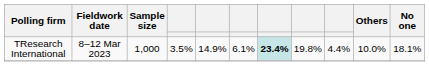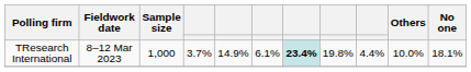 <table class="wikitable" style="text-align:center;font-size:90%;line-height:14px;">
 <tr style="height:40px;">
 <th style="width:150px;" rowspan="2">Polling firm</th>
 <th style="width:100px;" rowspan="2">Fieldwork date</th>
 <th style="width:50px;" rowspan="2">Sample size</th>
 <th class="unsortable" style="width:45px;"></th>
 <th class="unsortable" style="width:45px;"></th>
 <th class="unsortable" style="width:45px;"></th>
 <th class="unsortable" style="width:45px;"></th>
 <th class="unsortable" style="width:45px;"></th>
 <th class="unsortable" style="width:45px;"></th>
 <th style="width:50px;" rowspan="2">Others</th>
 <th style="width:50px;" rowspan="2">No one</th>
 </tr>
 <tr>
 <th style="background:"></th>
 <th style="background:"></th>
 <th style="background:"></th>
 <th style="background:"></th>
 <th style="background:"></th>
 <th style="background:"></th>
 </tr>
 <tr>
 <td>TResearch International</td>
 <td>8–12 Mar 2023</td>
 <td>1,000</td>
-<td>3.5%</td>
+<td>3.7%</td>
 <td>14.9%</td>
 <td>6.1%</td>
 <td style="background:#c5e5e7;"><strong>23.4%</strong></td>
 <td>19.8%</td>
 <td>4.4%</td>
 <td>10.0%</td>
 <td>18.1%</td>
 </tr>
 <tr>
 </tr>
 </table>
